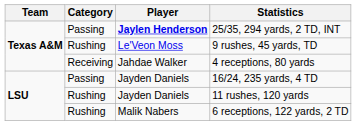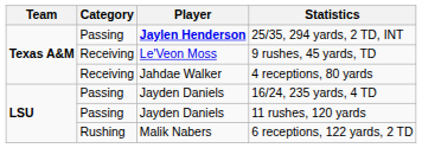 <table class="wikitable" style="float: right;">
 <tr>
 <th>Team</th>
 <th>Category</th>
 <th>Player</th>
 <th>Statistics</th>
 </tr>
 <tr>
 <td rowspan=3><strong>Texas A&M</strong></td>
 <td>Passing</td>
 <td><strong><a href='#'>Jaylen Henderson</a></strong></td>
 <td>25/35, 294 yards, 2 TD, INT</td>
 </tr>
 <tr>
-<td>Rushing</td>
+<td>Receiving</td>
 <td><a href='#'>Le'Veon Moss</a></td>
 <td>9 rushes, 45 yards, TD</td>
 </tr>
 <tr>
 <td>Receiving</td>
 <td>Jahdae Walker</td>
 <td>4 receptions, 80 yards</td>
 </tr>
 <tr>
 <td rowspan=3><strong>LSU</strong></td>
 <td>Passing</td>
 <td>Jayden Daniels</td>
 <td>16/24, 235 yards, 4 TD</td>
 </tr>
 <tr>
-<td>Rushing</td>
+<td>Passing</td>
 <td>Jayden Daniels</td>
 <td>11 rushes, 120 yards</td>
 </tr>
 <tr>
 <td>Rushing</td>
 <td>Malik Nabers</td>
 <td>6 receptions, 122 yards, 2 TD</td>
 </tr>
 </table>
